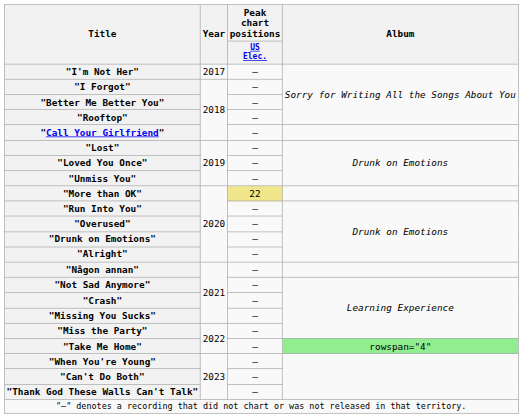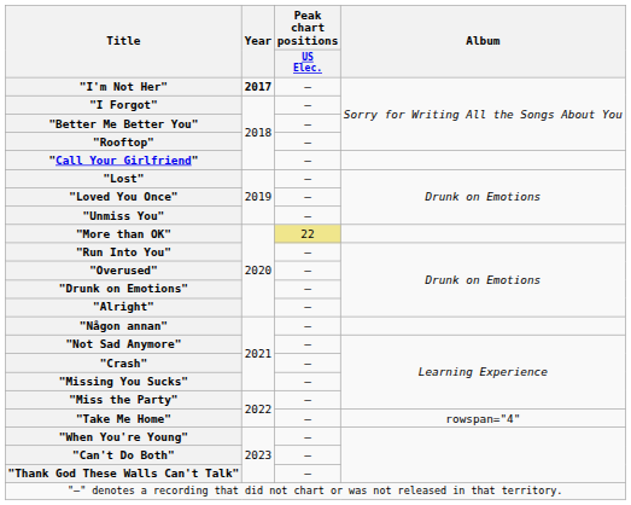 <table class="wikitable plainrowheaders" style="text-align:center;">
 <tr>
 <th rowspan="2">Title</th>
 <th rowspan="2">Year</th>
 <th>Peak chart positions</th>
 <th rowspan="2">Album</th>
 </tr>
 <tr>
 <th scope="col" style="width:3em;font-size:85%;"><a href='#'>US<br> Elec.</a></th>
 </tr>
 <tr>
 <th scope="row">"I'm Not Her"</th>
-<td>2017</td>
+<td><strong>2017</strong></td>
 <td>—</td>
 <td rowspan="4"><em>Sorry for Writing All the Songs About You</em></td>
 </tr>
 <tr>
 <th scope="row">"I Forgot"</th>
 <td rowspan="4">2018</td>
 <td>—</td>
 </tr>
 <tr>
 <th scope="row">"Better Me Better You"<br></th>
 <td>—</td>
 </tr>
 <tr>
 <th scope="row">"Rooftop"</th>
 <td>—</td>
 </tr>
 <tr>
 <th scope="row">"<a href='#'>Call Your Girlfriend</a>"</th>
 <td>—</td>
 <td></td>
 </tr>
 <tr>
 <th scope="row">"Lost"</th>
 <td rowspan="3">2019</td>
 <td>—</td>
 <td rowspan="3"><em>Drunk on Emotions</em></td>
 </tr>
 <tr>
 <th scope="row">"Loved You Once"</th>
 <td>—</td>
 </tr>
 <tr>
 <th scope="row">"Unmiss You"</th>
 <td>—</td>
 </tr>
 <tr>
 <th scope="row">"More than OK"<br></th>
 <td rowspan="5">2020</td>
 <td style="background: khaki;">22</td>
 <td></td>
 </tr>
 <tr>
 <th scope="row">"Run Into You"</th>
 <td>—</td>
 <td rowspan="4"><em>Drunk on Emotions</em></td>
 </tr>
 <tr>
 <th scope="row">"Overused"<br></th>
 <td>—</td>
 </tr>
 <tr>
 <th scope="row">"Drunk on Emotions"</th>
 <td>—</td>
 </tr>
 <tr>
 <th scope="row">"Alright"<br></th>
 <td>—</td>
 </tr>
 <tr>
 <th scope="row">"Någon annan"</th>
 <td rowspan="4">2021</td>
 <td>—</td>
 <td></td>
 </tr>
 <tr>
 <th scope="row">"Not Sad Anymore"</th>
 <td>—</td>
 <td rowspan="4"><em>Learning Experience</em></td>
 </tr>
 <tr>
 <th scope="row">"Crash"</th>
 <td>—</td>
 </tr>
 <tr>
 <th scope="row">"Missing You Sucks"</th>
 <td>—</td>
 </tr>
 <tr>
 <th scope="row">"Miss the Party"<br></th>
 <td rowspan="2">2022</td>
 <td>—</td>
 </tr>
 <tr>
 <th scope="row">"Take Me Home"<br></th>
 <td>—</td>
-<td style="background: lightgreen;">rowspan="4" </td>
+<td>rowspan="4" </td>
 </tr>
 <tr>
 <th scope="row">"When You're Young"</th>
 <td rowspan="3">2023</td>
 <td>—</td>
 </tr>
 <tr>
 <th scope="row">"Can't Do Both"<br></th>
 <td>—</td>
 </tr>
 <tr>
 <th scope="row">"Thank God These Walls Can't Talk"</th>
 <td>—</td>
 </tr>
 <tr>
 <td colspan="15" style="font-size:90%">"—" denotes a recording that did not chart or was not released in that territory.</td>
 </tr>
 </table>
